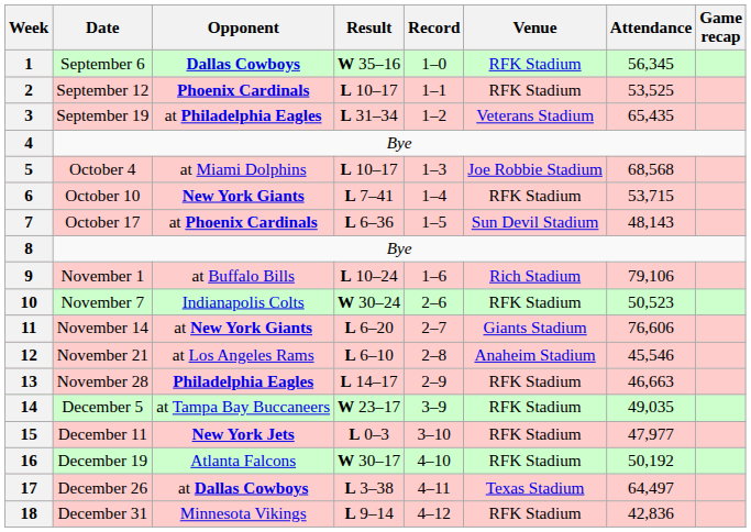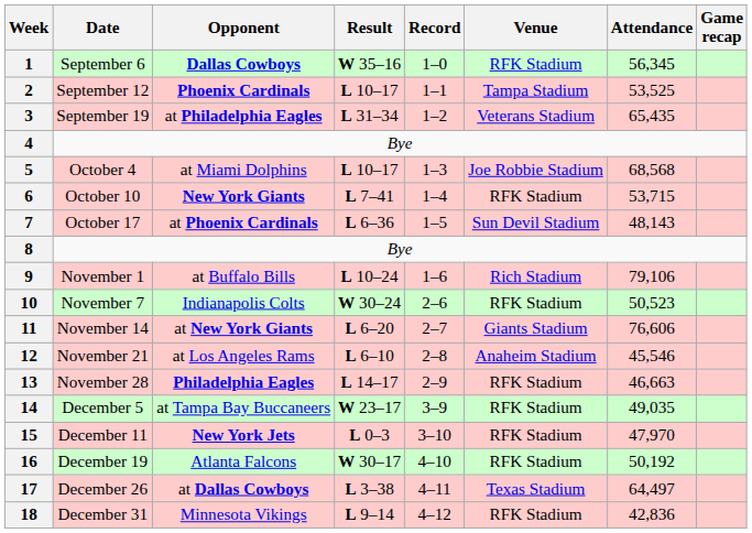 <table class="wikitable" style="text-align:center">
 <tr>
 <th>Week</th>
 <th>Date</th>
 <th>Opponent</th>
 <th>Result</th>
 <th>Record</th>
 <th>Venue</th>
 <th>Attendance</th>
 <th>Game<br>recap</th>
 </tr>
 <tr style="background:#cfc">
 <th>1</th>
 <td>September 6</td>
 <td><strong><a href='#'>Dallas Cowboys</a></strong></td>
 <td><strong>W</strong> 35–16</td>
 <td>1–0</td>
 <td><a href='#'>RFK Stadium</a></td>
 <td>56,345</td>
 <td></td>
 </tr>
 <tr style="background:#fcc">
 <th>2</th>
 <td>September 12</td>
 <td><strong><a href='#'>Phoenix Cardinals</a></strong></td>
 <td><strong>L</strong> 10–17</td>
 <td>1–1</td>
-<td>RFK Stadium</td>
+<td><a href='#'>Tampa Stadium</a></td>
 <td>53,525</td>
 <td></td>
 </tr>
 <tr style="background:#fcc">
 <th>3</th>
 <td>September 19</td>
 <td>at <strong><a href='#'>Philadelphia Eagles</a></strong></td>
 <td><strong>L</strong> 31–34</td>
 <td>1–2</td>
 <td><a href='#'>Veterans Stadium</a></td>
 <td>65,435</td>
 <td></td>
 </tr>
 <tr>
 <th>4</th>
 <td colspan=7 align="center"><em>Bye</em></td>
 </tr>
 <tr style="background:#fcc">
 <th>5</th>
 <td>October 4</td>
 <td>at <a href='#'>Miami Dolphins</a></td>
 <td><strong>L</strong> 10–17</td>
 <td>1–3</td>
 <td><a href='#'>Joe Robbie Stadium</a></td>
 <td>68,568</td>
 <td></td>
 </tr>
 <tr style="background:#fcc">
 <th>6</th>
 <td>October 10</td>
 <td><strong><a href='#'>New York Giants</a></strong></td>
 <td><strong>L</strong> 7–41</td>
 <td>1–4</td>
 <td>RFK Stadium</td>
 <td>53,715</td>
 <td></td>
 </tr>
 <tr style="background:#fcc">
 <th>7</th>
 <td>October 17</td>
 <td>at <strong><a href='#'>Phoenix Cardinals</a></strong></td>
 <td><strong>L</strong> 6–36</td>
 <td>1–5</td>
 <td><a href='#'>Sun Devil Stadium</a></td>
 <td>48,143</td>
 <td></td>
 </tr>
 <tr>
 <th>8</th>
 <td colspan=7 align="center"><em>Bye</em></td>
 </tr>
 <tr style="background:#fcc">
 <th>9</th>
 <td>November 1</td>
 <td>at <a href='#'>Buffalo Bills</a></td>
 <td><strong>L</strong> 10–24</td>
 <td>1–6</td>
 <td><a href='#'>Rich Stadium</a></td>
 <td>79,106</td>
 <td></td>
 </tr>
 <tr style="background:#cfc">
 <th>10</th>
 <td>November 7</td>
 <td><a href='#'>Indianapolis Colts</a></td>
 <td><strong>W</strong> 30–24</td>
 <td>2–6</td>
 <td>RFK Stadium</td>
 <td>50,523</td>
 <td></td>
 </tr>
 <tr style="background:#fcc">
 <th>11</th>
 <td>November 14</td>
 <td>at <strong><a href='#'>New York Giants</a></strong></td>
 <td><strong>L</strong> 6–20</td>
 <td>2–7</td>
 <td><a href='#'>Giants Stadium</a></td>
 <td>76,606</td>
 <td></td>
 </tr>
 <tr style="background:#fcc">
 <th>12</th>
 <td>November 21</td>
 <td>at <a href='#'>Los Angeles Rams</a></td>
 <td><strong>L</strong> 6–10</td>
 <td>2–8</td>
 <td><a href='#'>Anaheim Stadium</a></td>
 <td>45,546</td>
 <td></td>
 </tr>
 <tr style="background:#fcc">
 <th>13</th>
 <td>November 28</td>
 <td><strong><a href='#'>Philadelphia Eagles</a></strong></td>
 <td><strong>L</strong> 14–17</td>
 <td>2–9</td>
 <td>RFK Stadium</td>
 <td>46,663</td>
 <td></td>
 </tr>
 <tr style="background:#cfc">
 <th>14</th>
 <td>December 5</td>
 <td>at <a href='#'>Tampa Bay Buccaneers</a></td>
 <td><strong>W</strong> 23–17</td>
 <td>3–9</td>
 <td>RFK Stadium</td>
 <td>49,035</td>
 <td></td>
 </tr>
 <tr style="background:#fcc">
 <th>15</th>
 <td>December 11</td>
 <td><strong><a href='#'>New York Jets</a></strong></td>
 <td><strong>L</strong> 0–3</td>
 <td>3–10</td>
 <td>RFK Stadium</td>
-<td>47,977</td>
+<td>47,970</td>
 <td></td>
 </tr>
 <tr style="background:#cfc">
 <th>16</th>
 <td>December 19</td>
 <td><a href='#'>Atlanta Falcons</a></td>
 <td><strong>W</strong> 30–17</td>
 <td>4–10</td>
 <td>RFK Stadium</td>
 <td>50,192</td>
 <td></td>
 </tr>
 <tr style="background:#fcc">
 <th>17</th>
 <td>December 26</td>
 <td>at <strong><a href='#'>Dallas Cowboys</a></strong></td>
 <td><strong>L</strong> 3–38</td>
 <td>4–11</td>
 <td><a href='#'>Texas Stadium</a></td>
 <td>64,497</td>
 <td></td>
 </tr>
 <tr style="background:#fcc">
 <th>18</th>
 <td>December 31</td>
 <td><a href='#'>Minnesota Vikings</a></td>
 <td><strong>L</strong> 9–14</td>
 <td>4–12</td>
 <td>RFK Stadium</td>
 <td>42,836</td>
 <td></td>
 </tr>
 </table>
